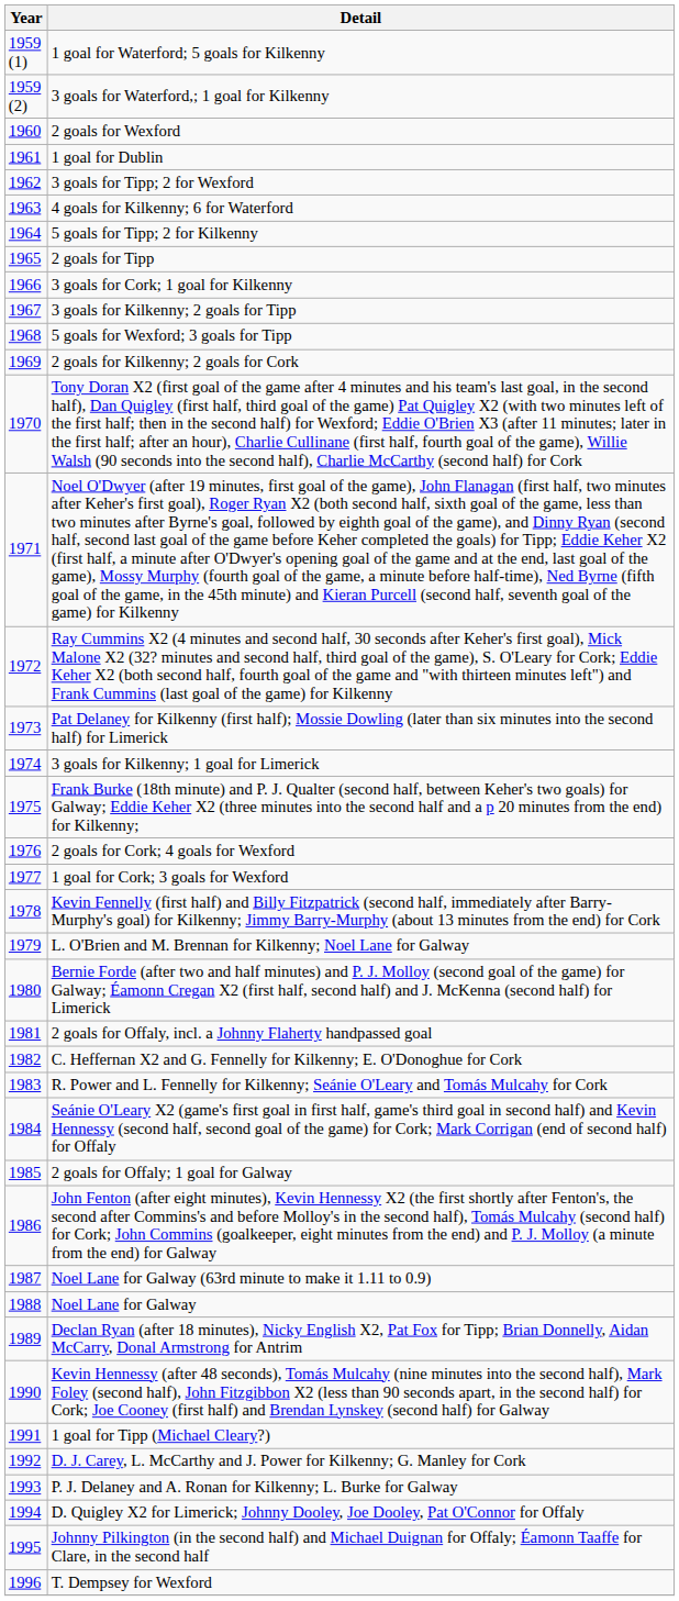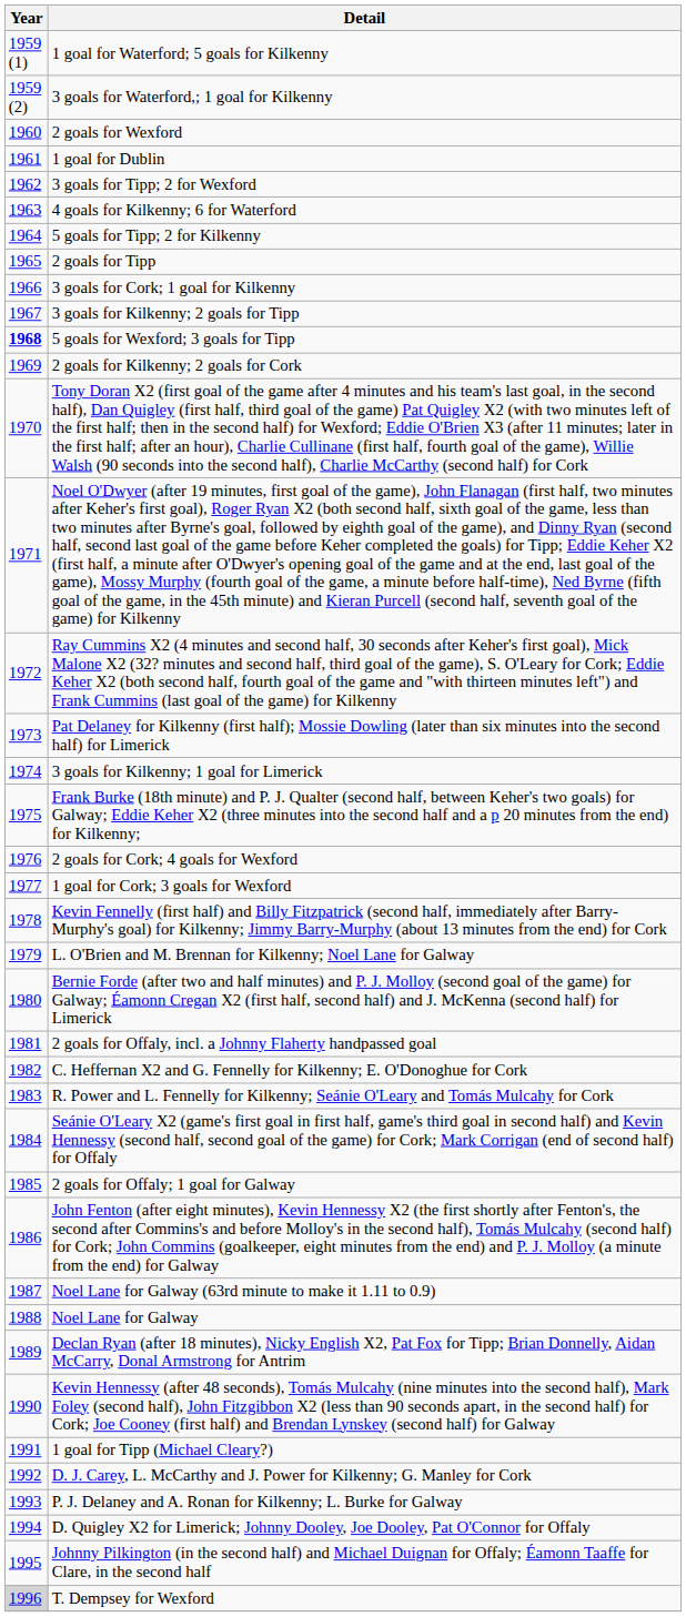 <table class="wikitable sortable" width="75%">
 <tr>
 <th>Year</th>
 <th>Detail</th>
 </tr>
 <tr>
 <td><a href='#'>1959</a> (1)</td>
 <td>1 goal for Waterford; 5 goals for Kilkenny</td>
 </tr>
 <tr>
 <td><a href='#'>1959</a> (2)</td>
 <td>3 goals for Waterford,; 1 goal for Kilkenny</td>
 </tr>
 <tr>
 <td><a href='#'>1960</a></td>
 <td>2 goals for Wexford</td>
 </tr>
 <tr>
 <td><a href='#'>1961</a></td>
 <td>1 goal for Dublin</td>
 </tr>
 <tr>
 <td><a href='#'>1962</a></td>
 <td>3 goals for Tipp; 2 for Wexford</td>
 </tr>
 <tr>
 <td><a href='#'>1963</a></td>
 <td>4 goals for Kilkenny; 6 for Waterford</td>
 </tr>
 <tr>
 <td><a href='#'>1964</a></td>
 <td>5 goals for Tipp; 2 for Kilkenny</td>
 </tr>
 <tr>
 <td><a href='#'>1965</a></td>
 <td>2 goals for Tipp</td>
 </tr>
 <tr>
 <td><a href='#'>1966</a></td>
 <td>3 goals for Cork; 1 goal for Kilkenny</td>
 </tr>
 <tr>
 <td><a href='#'>1967</a></td>
 <td>3 goals for Kilkenny; 2 goals for Tipp</td>
 </tr>
 <tr>
-<td><a href='#'>1968</a></td>
+<td><strong><a href='#'>1968</a></strong></td>
 <td>5 goals for Wexford; 3 goals for Tipp</td>
 </tr>
 <tr>
 <td><a href='#'>1969</a></td>
 <td>2 goals for Kilkenny; 2 goals for Cork</td>
 </tr>
 <tr>
 <td><a href='#'>1970</a></td>
 <td><a href='#'>Tony Doran</a> X2 (first goal of the game after 4 minutes and his team's last goal, in the second half), <a href='#'>Dan Quigley</a> (first half, third goal of the game) <a href='#'>Pat Quigley</a> X2 (with two minutes left of the first half; then in the second half) for Wexford; <a href='#'>Eddie O'Brien</a> X3 (after 11 minutes; later in the first half; after an hour), <a href='#'>Charlie Cullinane</a> (first half, fourth goal of the game), <a href='#'>Willie Walsh</a> (90 seconds into the second half), <a href='#'>Charlie McCarthy</a> (second half) for Cork</td>
 </tr>
 <tr>
 <td><a href='#'>1971</a></td>
 <td><a href='#'>Noel O'Dwyer</a> (after 19 minutes, first goal of the game), <a href='#'>John Flanagan</a> (first half, two minutes after Keher's first goal), <a href='#'>Roger Ryan</a> X2 (both second half, sixth goal of the game, less than two minutes after Byrne's goal, followed by eighth goal of the game), and <a href='#'>Dinny Ryan</a> (second half, second last goal of the game before Keher completed the goals) for Tipp; <a href='#'>Eddie Keher</a> X2 (first half, a minute after O'Dwyer's opening goal of the game and at the end, last goal of the game), <a href='#'>Mossy Murphy</a> (fourth goal of the game, a minute before half-time), <a href='#'>Ned Byrne</a> (fifth goal of the game, in the 45th minute) and <a href='#'>Kieran Purcell</a> (second half, seventh goal of the game) for Kilkenny</td>
 </tr>
 <tr>
 <td><a href='#'>1972</a></td>
 <td><a href='#'>Ray Cummins</a> X2 (4 minutes and second half, 30 seconds after Keher's first goal), <a href='#'>Mick Malone</a> X2 (32? minutes and second half, third goal of the game), S. O'Leary for Cork; <a href='#'>Eddie Keher</a> X2 (both second half, fourth goal of the game and "with thirteen minutes left") and <a href='#'>Frank Cummins</a> (last goal of the game) for Kilkenny</td>
 </tr>
 <tr>
 <td><a href='#'>1973</a></td>
 <td><a href='#'>Pat Delaney</a> for Kilkenny (first half); <a href='#'>Mossie Dowling</a> (later than six minutes into the second half) for Limerick</td>
 </tr>
 <tr>
 <td><a href='#'>1974</a></td>
 <td>3 goals for Kilkenny; 1 goal for Limerick</td>
 </tr>
 <tr>
 <td><a href='#'>1975</a></td>
 <td><a href='#'>Frank Burke</a> (18th minute) and P. J. Qualter (second half, between Keher's two goals) for Galway; <a href='#'>Eddie Keher</a> X2 (three minutes into the second half and a <a href='#'>p</a> 20 minutes from the end) for Kilkenny;</td>
 </tr>
 <tr>
 <td><a href='#'>1976</a></td>
 <td>2 goals for Cork; 4 goals for Wexford</td>
 </tr>
 <tr>
 <td><a href='#'>1977</a></td>
 <td>1 goal for Cork; 3 goals for Wexford</td>
 </tr>
 <tr>
 <td><a href='#'>1978</a></td>
 <td><a href='#'>Kevin Fennelly</a> (first half) and <a href='#'>Billy Fitzpatrick</a> (second half, immediately after Barry-Murphy's goal) for Kilkenny; <a href='#'>Jimmy Barry-Murphy</a> (about 13 minutes from the end) for Cork</td>
 </tr>
 <tr>
 <td><a href='#'>1979</a></td>
 <td>L. O'Brien and M. Brennan for Kilkenny; <a href='#'>Noel Lane</a> for Galway</td>
 </tr>
 <tr>
 <td><a href='#'>1980</a></td>
 <td><a href='#'>Bernie Forde</a> (after two and half minutes) and <a href='#'>P. J. Molloy</a> (second goal of the game) for Galway; <a href='#'>Éamonn Cregan</a> X2 (first half, second half) and J. McKenna (second half) for Limerick</td>
 </tr>
 <tr>
 <td><a href='#'>1981</a></td>
 <td>2 goals for Offaly, incl. a <a href='#'>Johnny Flaherty</a> handpassed goal</td>
 </tr>
 <tr>
 <td><a href='#'>1982</a></td>
 <td>C. Heffernan X2 and G. Fennelly for Kilkenny;  E. O'Donoghue for Cork</td>
 </tr>
 <tr>
 <td><a href='#'>1983</a></td>
 <td>R. Power and L. Fennelly for Kilkenny; <a href='#'>Seánie O'Leary</a> and <a href='#'>Tomás Mulcahy</a> for Cork</td>
 </tr>
 <tr>
 <td><a href='#'>1984</a></td>
 <td><a href='#'>Seánie O'Leary</a> X2 (game's first goal in first half, game's third goal in second half) and <a href='#'>Kevin Hennessy</a> (second half, second goal of the game) for Cork; <a href='#'>Mark Corrigan</a> (end of second half) for Offaly</td>
 </tr>
 <tr>
 <td><a href='#'>1985</a></td>
 <td>2 goals for Offaly; 1 goal for Galway</td>
 </tr>
 <tr>
 <td><a href='#'>1986</a></td>
 <td><a href='#'>John Fenton</a> (after eight minutes), <a href='#'>Kevin Hennessy</a> X2 (the first shortly after Fenton's, the second after Commins's and before Molloy's in the second half), <a href='#'>Tomás Mulcahy</a> (second half) for Cork; <a href='#'>John Commins</a> (goalkeeper, eight minutes from the end) and <a href='#'>P. J. Molloy</a> (a minute from the end) for Galway</td>
 </tr>
 <tr>
 <td><a href='#'>1987</a></td>
 <td><a href='#'>Noel Lane</a> for Galway (63rd minute to make it 1.11 to 0.9)</td>
 </tr>
 <tr>
 <td><a href='#'>1988</a></td>
 <td><a href='#'>Noel Lane</a> for Galway</td>
 </tr>
 <tr>
 <td><a href='#'>1989</a></td>
 <td><a href='#'>Declan Ryan</a> (after 18 minutes), <a href='#'>Nicky English</a> X2, <a href='#'>Pat Fox</a> for Tipp; <a href='#'>Brian Donnelly</a>, <a href='#'>Aidan McCarry</a>, <a href='#'>Donal Armstrong</a> for Antrim</td>
 </tr>
 <tr>
 <td><a href='#'>1990</a></td>
 <td><a href='#'>Kevin Hennessy</a> (after 48 seconds), <a href='#'>Tomás Mulcahy</a> (nine minutes into the second half), <a href='#'>Mark Foley</a> (second half), <a href='#'>John Fitzgibbon</a> X2 (less than 90 seconds apart, in the second half) for Cork; <a href='#'>Joe Cooney</a> (first half) and <a href='#'>Brendan Lynskey</a> (second half) for Galway</td>
 </tr>
 <tr>
 <td><a href='#'>1991</a></td>
 <td>1 goal for Tipp (<a href='#'>Michael Cleary</a>?)</td>
 </tr>
 <tr>
 <td><a href='#'>1992</a></td>
 <td><a href='#'>D. J. Carey</a>, L. McCarthy and J. Power for Kilkenny; G. Manley for Cork</td>
 </tr>
 <tr>
 <td><a href='#'>1993</a></td>
 <td>P. J. Delaney and A. Ronan for Kilkenny; L. Burke for Galway</td>
 </tr>
 <tr>
 <td><a href='#'>1994</a></td>
 <td>D. Quigley X2 for Limerick; <a href='#'>Johnny Dooley</a>, <a href='#'>Joe Dooley</a>, <a href='#'>Pat O'Connor</a> for Offaly</td>
 </tr>
 <tr>
 <td><a href='#'>1995</a></td>
 <td><a href='#'>Johnny Pilkington</a> (in the second half) and <a href='#'>Michael Duignan</a> for Offaly; <a href='#'>Éamonn Taaffe</a> for Clare, in the second half</td>
 </tr>
 <tr>
-<td><a href='#'>1996</a></td>
+<td style="background: lightgrey;"><a href='#'>1996</a></td>
 <td>T. Dempsey for Wexford</td>
 </tr>
 <tr>
 </tr>
 </table>
